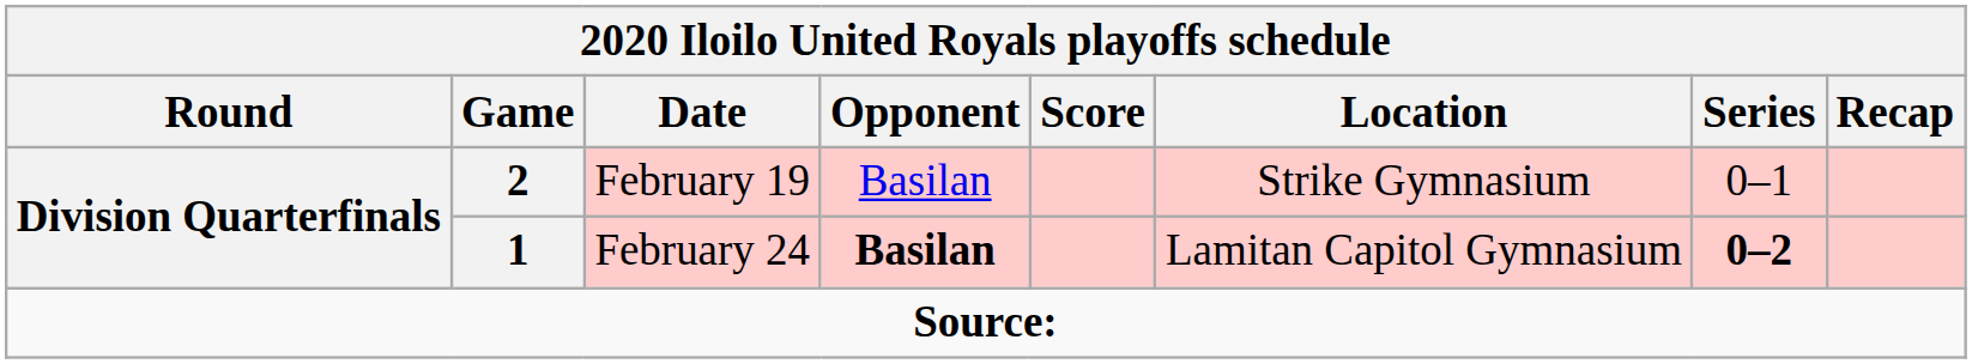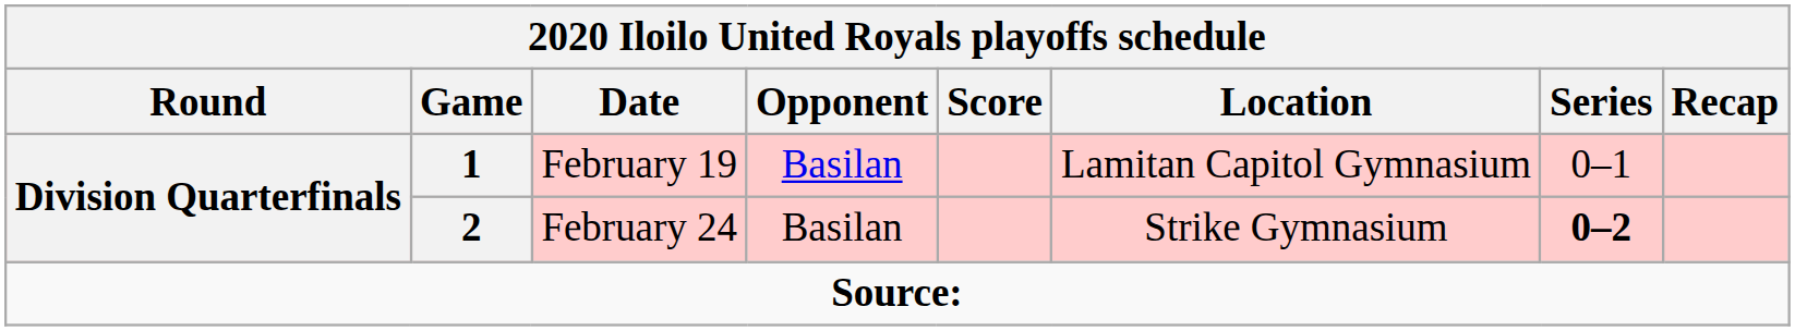 <table class="wikitable" style="text-align:center">
 <tr>
 <th colspan=8>2020 Iloilo United Royals playoffs schedule</th>
 </tr>
 <tr>
 <th>Round</th>
 <th>Game</th>
 <th>Date</th>
 <th>Opponent</th>
 <th>Score</th>
 <th>Location</th>
 <th>Series</th>
 <th>Recap<br></th>
 </tr>
 <tr style="background:#fcc">
 <th rowspan=2>Division Quarterfinals</th>
-<th>2</th>
+<th>1</th>
 <td>February 19</td>
 <td><a href='#'>Basilan</a></td>
 <td></td>
-<td>Strike Gymnasium</td>
+<td>Lamitan Capitol Gymnasium</td>
 <td>0–1</td>
 <td></td>
 </tr>
 <tr style="background:#fcc">
-<th>1</th>
+<th>2</th>
 <td>February 24</td>
-<td><strong>Basilan</strong></td>
+<td>Basilan</td>
 <td></td>
-<td>Lamitan Capitol Gymnasium</td>
+<td>Strike Gymnasium</td>
 <td><strong>0–2</strong></td>
 <td></td>
 </tr>
 <tr>
 <td colspan=8 align=center><strong>Source: </strong></td>
 </tr>
 </table>
